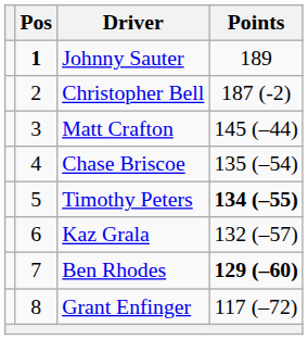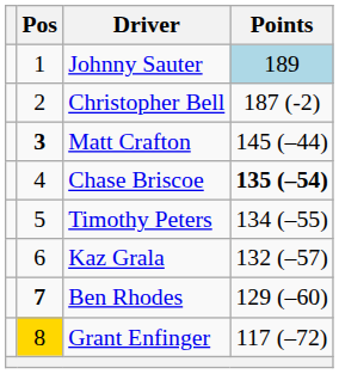 <table class="wikitable" style="font-size: 95%;">
 <tr>
 <th></th>
 <th>Pos</th>
 <th>Driver</th>
 <th>Points</th>
 </tr>
 <tr>
 <td align="left"></td>
-<td style="text-align:center;"><strong>1</strong></td>
+<td style="text-align:center;">1</td>
 <td><a href='#'>Johnny Sauter</a></td>
-<td style="text-align:center;">189</td>
+<td style="background: lightblue; text-align:center;">189</td>
 </tr>
 <tr>
 <td align="left"></td>
 <td style="text-align:center;">2</td>
 <td><a href='#'>Christopher Bell</a></td>
 <td style="text-align:center;">187 (-2)</td>
 </tr>
 <tr>
 <td align="left"></td>
-<td style="text-align:center;">3</td>
+<td style="text-align:center;"><strong>3</strong></td>
 <td><a href='#'>Matt Crafton</a></td>
 <td style="text-align:center;">145 (–44)</td>
 </tr>
 <tr>
 <td align="left"></td>
 <td style="text-align:center;">4</td>
 <td><a href='#'>Chase Briscoe</a></td>
-<td style="text-align:center;">135 (–54)</td>
+<td style="text-align:center;"><strong>135 (–54)</strong></td>
 </tr>
 <tr>
 <td align="left"></td>
 <td style="text-align:center;">5</td>
 <td><a href='#'>Timothy Peters</a></td>
-<td style="text-align:center;"><strong>134 (–55)</strong></td>
+<td style="text-align:center;">134 (–55)</td>
 </tr>
 <tr>
 <td align="left"></td>
 <td style="text-align:center;">6</td>
 <td><a href='#'>Kaz Grala</a></td>
 <td style="text-align:center;">132 (–57)</td>
 </tr>
 <tr>
 <td align="left"></td>
-<td style="text-align:center;">7</td>
+<td style="text-align:center;"><strong>7</strong></td>
 <td><a href='#'>Ben Rhodes</a></td>
-<td style="text-align:center;"><strong>129 (–60)</strong></td>
+<td style="text-align:center;">129 (–60)</td>
 </tr>
 <tr>
 <td align="left"></td>
-<td style="text-align:center;">8</td>
+<td style="background: gold; text-align:center;">8</td>
 <td><a href='#'>Grant Enfinger</a></td>
 <td style="text-align:center;">117 (–72)</td>
 </tr>
 <tr class="sortbottom">
 <th colspan="9"></th>
 </tr>
 </table>
